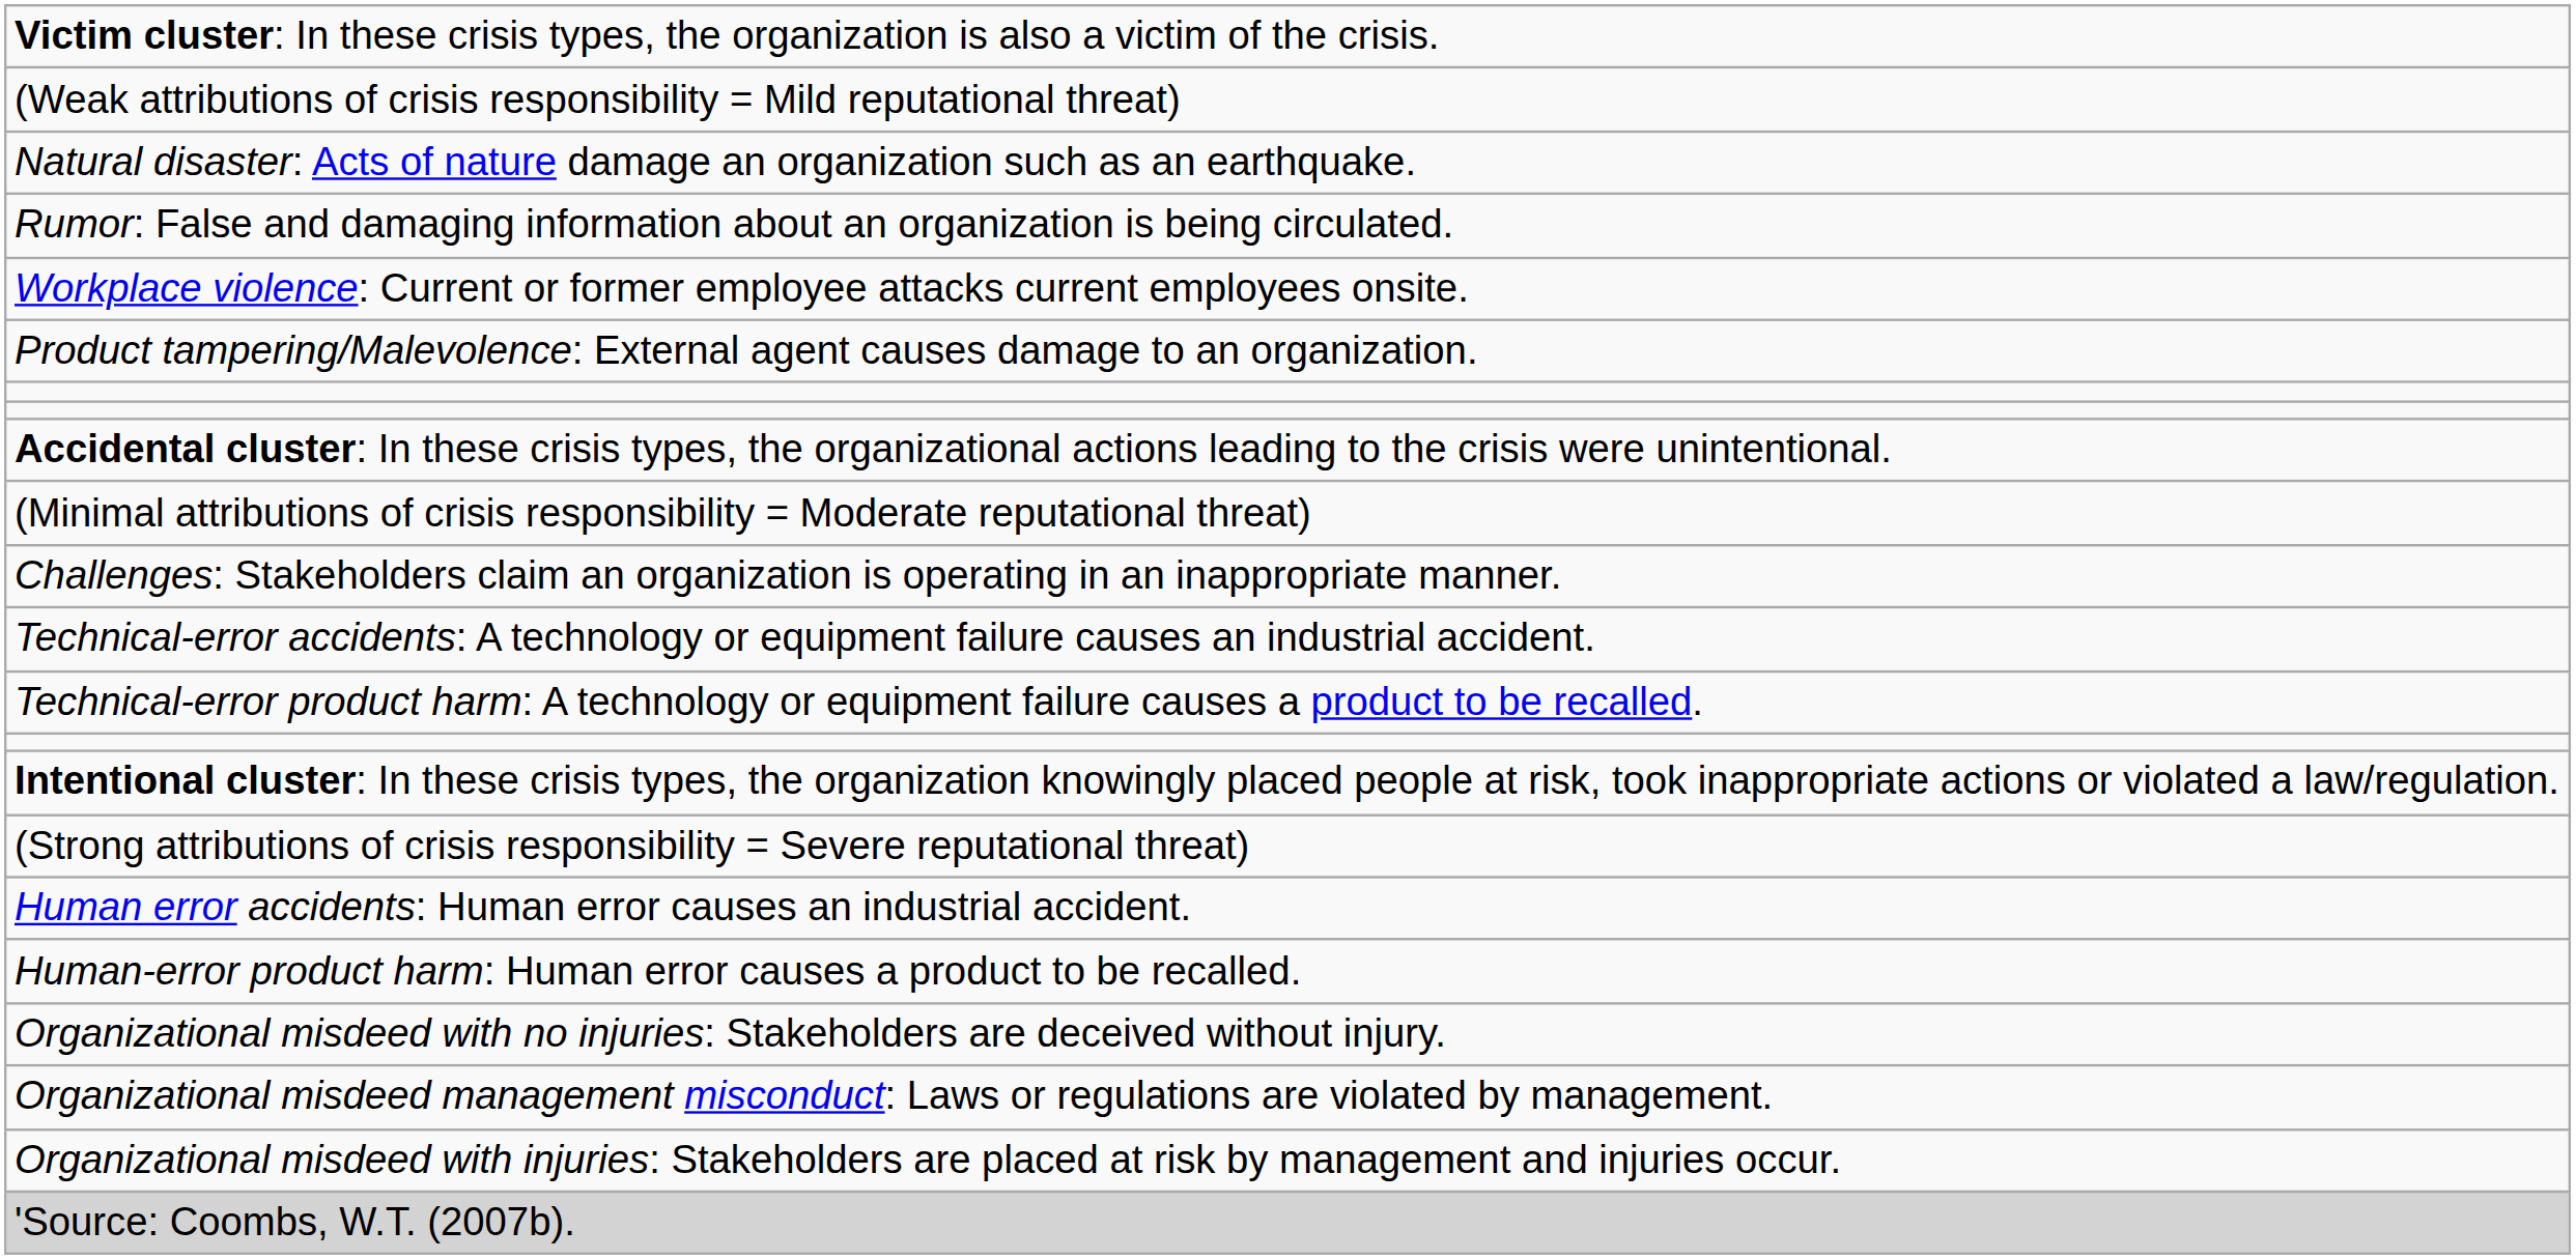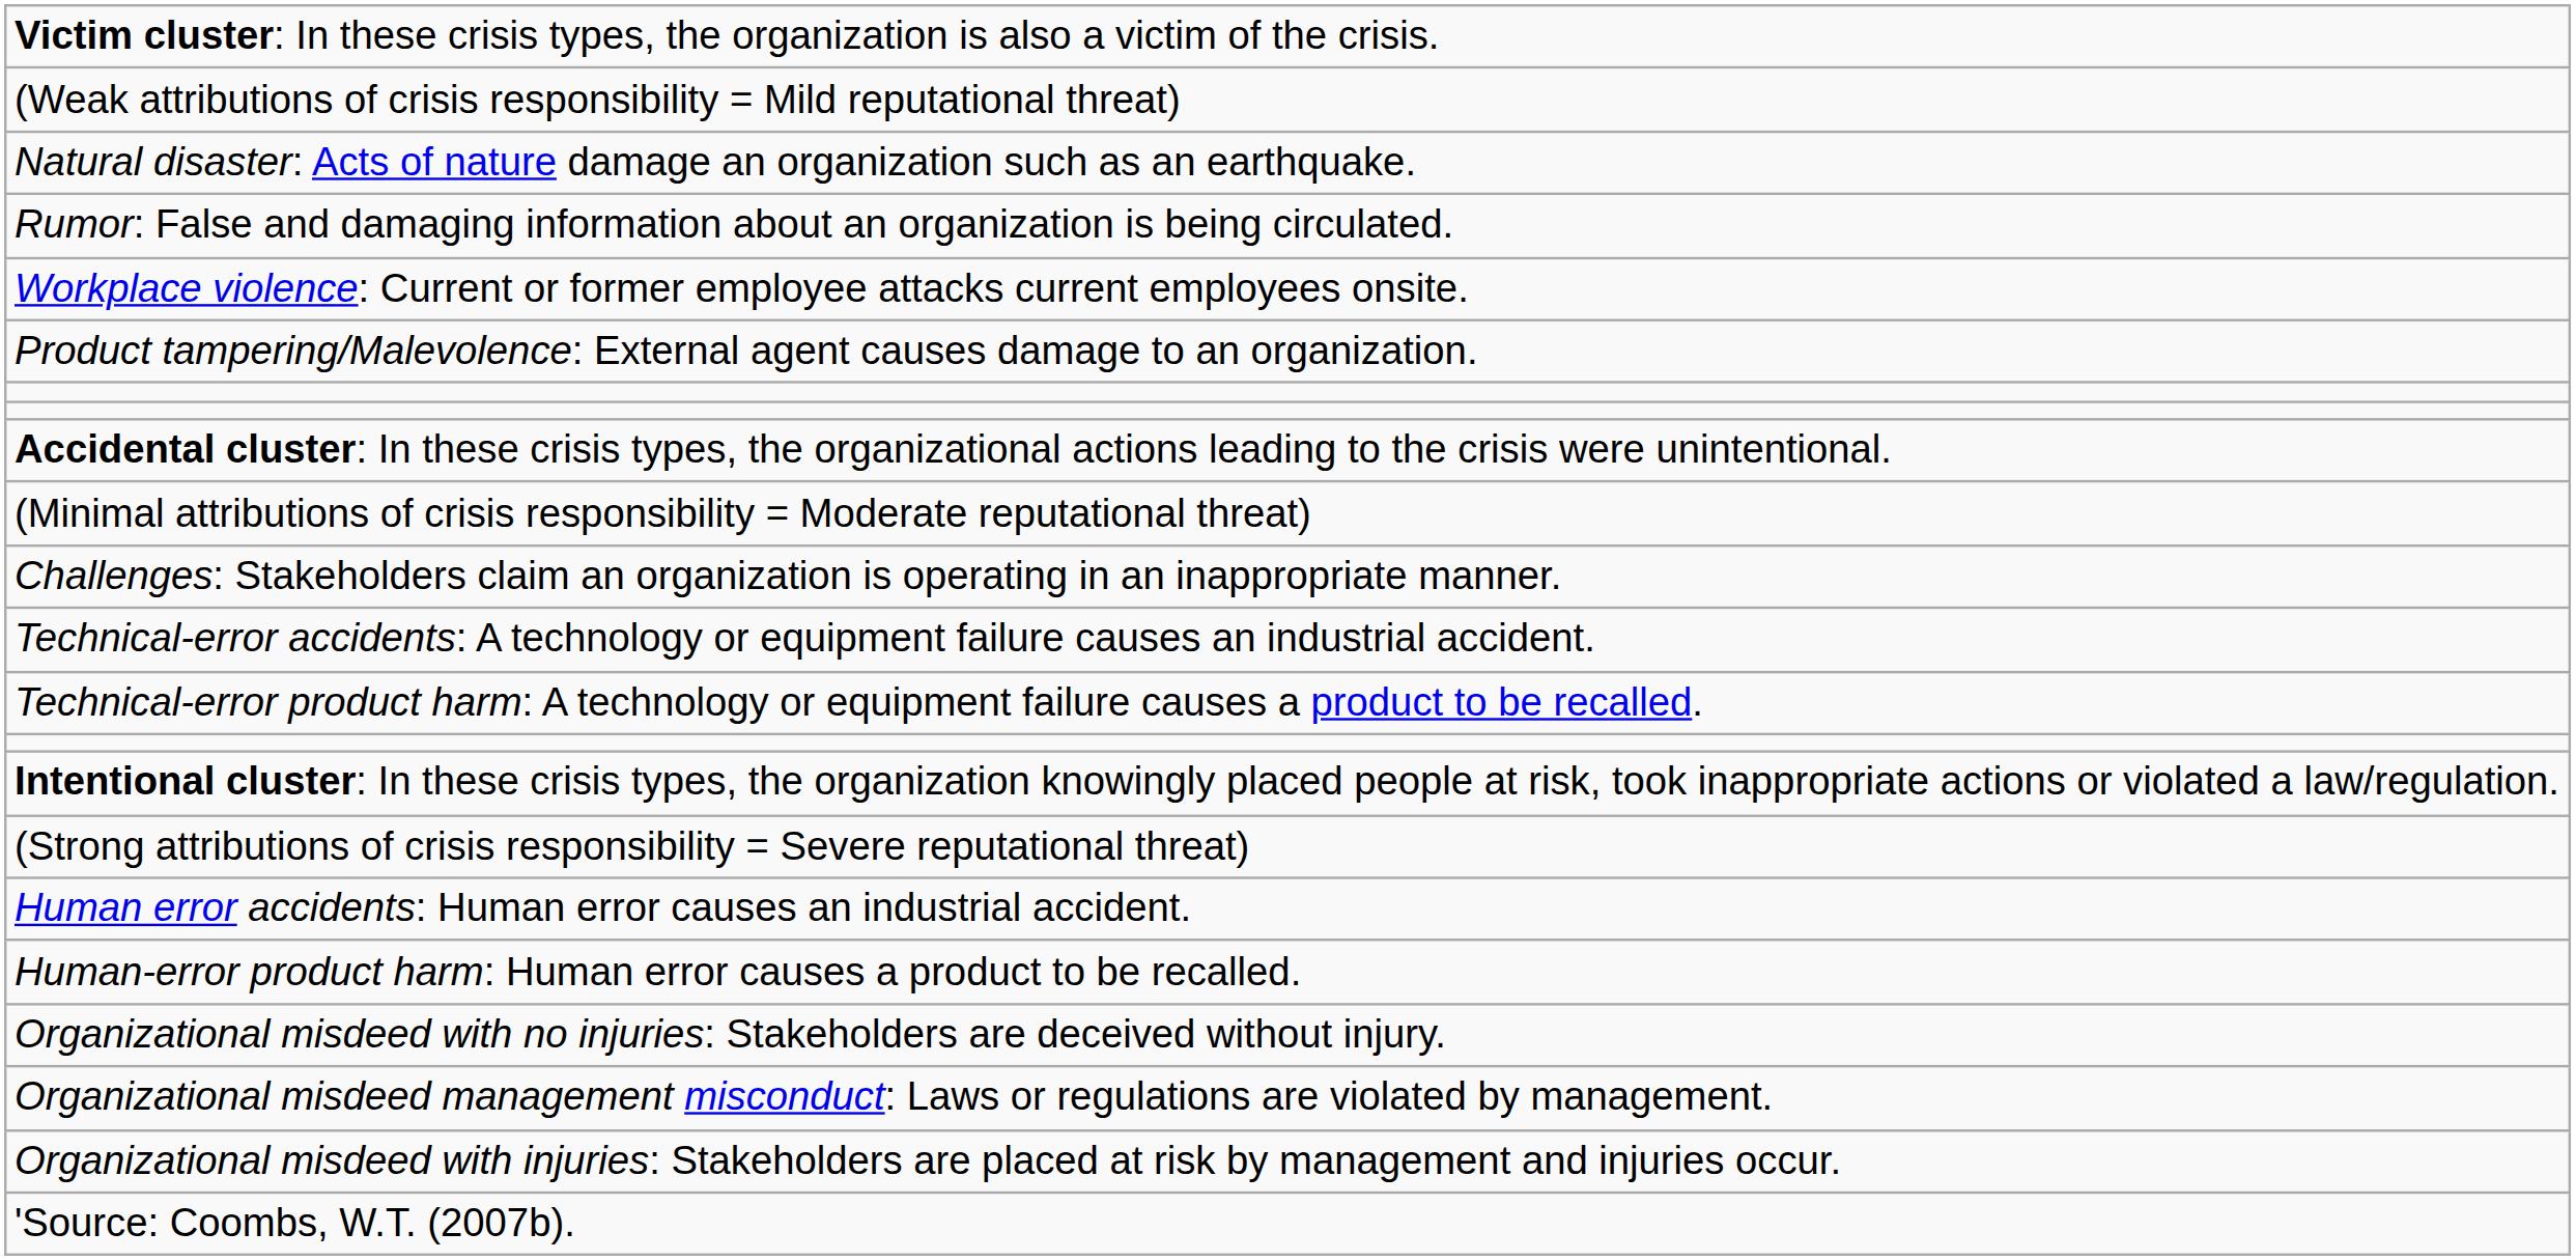 <table class="wikitable">
 <tr>
 <td><strong>Victim cluster</strong>: In these crisis types, the organization is also a victim of the crisis.</td>
 </tr>
 <tr>
 <td>(Weak attributions of crisis responsibility = Mild reputational threat)</td>
 </tr>
 <tr>
 <td><em>Natural disaster</em>: <a href='#'>Acts of nature</a> damage an organization such as an earthquake.</td>
 </tr>
 <tr>
 <td><em>Rumor</em>: False and damaging information about an organization is being circulated.</td>
 </tr>
 <tr>
 <td><em><a href='#'>Workplace violence</a></em>: Current or former employee attacks current employees onsite.</td>
 </tr>
 <tr>
 <td><em>Product tampering/Malevolence</em>: External agent causes damage to an organization.</td>
 </tr>
 <tr>
 <td></td>
 </tr>
 <tr>
 <td></td>
 </tr>
 <tr>
 <td><strong>Accidental cluster</strong>: In these crisis types, the organizational actions leading to the crisis were unintentional.</td>
 </tr>
 <tr>
 <td>(Minimal attributions of crisis responsibility = Moderate reputational threat)</td>
 </tr>
 <tr>
 <td><em>Challenges</em>: Stakeholders claim an organization is operating in an inappropriate manner.</td>
 </tr>
 <tr>
 <td><em>Technical-error accidents</em>: A technology or equipment failure causes an industrial accident.</td>
 </tr>
 <tr>
 <td><em>Technical-error product harm</em>: A technology or equipment failure causes a <a href='#'>product to be recalled</a>.</td>
 </tr>
 <tr>
 <td></td>
 </tr>
 <tr>
 <td><strong>Intentional cluster</strong>: In these crisis types, the organization knowingly placed people at risk, took inappropriate actions or violated a law/regulation.</td>
 </tr>
 <tr>
 <td>(Strong attributions of crisis responsibility = Severe reputational threat)</td>
 </tr>
 <tr>
 <td><em><a href='#'>Human error</a> accidents</em>: Human error causes an industrial accident.</td>
 </tr>
 <tr>
 <td><em>Human-error product harm</em>: Human error causes a product to be recalled.</td>
 </tr>
 <tr>
 <td><em>Organizational misdeed with no injuries</em>: Stakeholders are deceived without injury.</td>
 </tr>
 <tr>
 <td><em>Organizational misdeed management <a href='#'>misconduct</a></em>: Laws or regulations are violated by management.</td>
 </tr>
 <tr>
 <td><em>Organizational misdeed with injuries</em>: Stakeholders are placed at risk by management and injuries occur.</td>
 </tr>
 <tr>
-<td style="background: lightgrey;">'Source: Coombs, W.T. (2007b).</td>
+<td>'Source: Coombs, W.T. (2007b).</td>
 </tr>
 </table>
